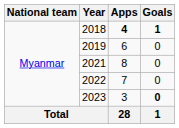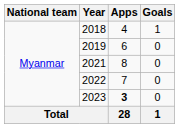 <table class=wikitable style=text-align:center>
 <tr>
 <th>National team</th>
 <th>Year</th>
 <th>Apps</th>
 <th>Goals</th>
 </tr>
 <tr>
 <td rowspan="5"><a href='#'>Myanmar</a></td>
 <td>2018</td>
-<td><strong>4</strong></td>
-<td><strong>1</strong></td>
+<td>4</td>
+<td>1</td>
 </tr>
 <tr>
 <td>2019</td>
 <td>6</td>
 <td>0</td>
 </tr>
 <tr>
 <td>2021</td>
 <td>8</td>
 <td>0</td>
 </tr>
 <tr>
 <td>2022</td>
 <td>7</td>
 <td>0</td>
 </tr>
 <tr>
 <td>2023</td>
-<td>3</td>
-<td><strong>0</strong></td>
+<td><strong>3</strong></td>
+<td>0</td>
 </tr>
 <tr>
 <th colspan=2>Total</th>
 <th>28</th>
 <th>1</th>
 </tr>
 </table>
